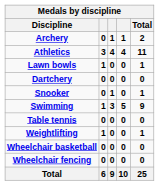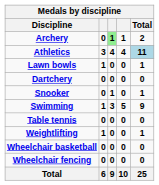 <table class="wikitable" style="font-size:85%" align="right">
 <tr bgcolor="#efefef">
 <th colspan=6>Medals by discipline</th>
 </tr>
 <tr style="text-align:center;">
 <th>Discipline</th>
 <th></th>
 <th></th>
 <th></th>
 <th>Total</th>
 </tr>
 <tr style="text-align:center; font-weight:bold;">
 <td><a href='#'>Archery</a></td>
 <td>0</td>
-<td>1</td>
+<td style="background: lightgreen;">1</td>
 <td>1</td>
 <td>2</td>
 </tr>
 <tr style="text-align:center; font-weight:bold;">
 <td><a href='#'>Athletics</a></td>
 <td>3</td>
 <td>4</td>
 <td>4</td>
-<td>11</td>
+<td style="background: lightblue;">11</td>
 </tr>
 <tr style="text-align:center; font-weight:bold;">
 <td><a href='#'>Lawn bowls</a></td>
 <td>1</td>
 <td>0</td>
 <td>0</td>
 <td>1</td>
 </tr>
 <tr style="text-align:center; font-weight:bold;">
 <td><a href='#'>Dartchery</a></td>
 <td>0</td>
 <td>0</td>
 <td>0</td>
 <td>0</td>
 </tr>
 <tr style="text-align:center; font-weight:bold;">
 <td><a href='#'>Snooker</a></td>
 <td>0</td>
 <td>1</td>
 <td>0</td>
 <td>1</td>
 </tr>
 <tr style="text-align:center; font-weight:bold;">
 <td><a href='#'>Swimming</a></td>
 <td>1</td>
 <td>3</td>
 <td>5</td>
 <td>9</td>
 </tr>
 <tr style="text-align:center; font-weight:bold;">
 <td><a href='#'>Table tennis</a></td>
 <td>0</td>
 <td>0</td>
 <td>0</td>
 <td>0</td>
 </tr>
 <tr style="text-align:center; font-weight:bold;">
 <td><a href='#'>Weightlifting</a></td>
 <td>1</td>
 <td>0</td>
 <td>0</td>
 <td>1</td>
 </tr>
 <tr style="text-align:center; font-weight:bold;">
 <td><a href='#'>Wheelchair basketball</a></td>
 <td>0</td>
 <td>0</td>
 <td>0</td>
 <td>0</td>
 </tr>
 <tr style="text-align:center; font-weight:bold;">
 <td><a href='#'>Wheelchair fencing</a></td>
 <td>0</td>
 <td>0</td>
 <td>0</td>
 <td>0</td>
 </tr>
 <tr style="text-align:center;">
 <th>Total</th>
 <th>6</th>
 <th>9</th>
 <th>10</th>
 <th>25</th>
 </tr>
 </table>
